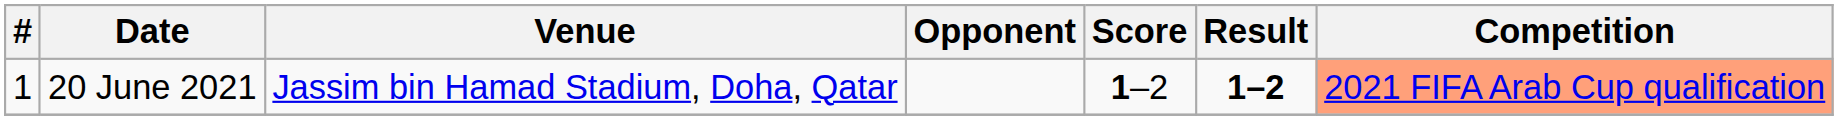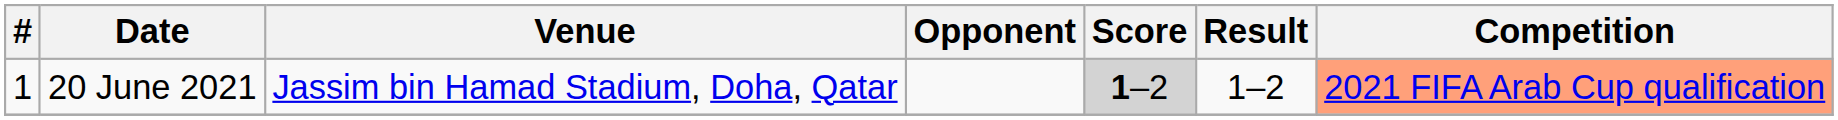 <table class="wikitable">
 <tr>
 <th>#</th>
 <th>Date</th>
 <th>Venue</th>
 <th>Opponent</th>
 <th>Score</th>
 <th>Result</th>
 <th>Competition</th>
 </tr>
 <tr>
 <td>1</td>
 <td>20 June 2021</td>
 <td><a href='#'>Jassim bin Hamad Stadium</a>, <a href='#'>Doha</a>, <a href='#'>Qatar</a></td>
 <td></td>
-<td align=center><strong>1</strong>–2</td>
-<td align=center><strong>1–2</strong></td>
+<td align=center style="background: lightgrey;"><strong>1</strong>–2</td>
+<td align=center>1–2</td>
 <td style="background: lightsalmon;"><a href='#'>2021 FIFA Arab Cup qualification</a></td>
 </tr>
 <tr>
 </tr>
 </table>
